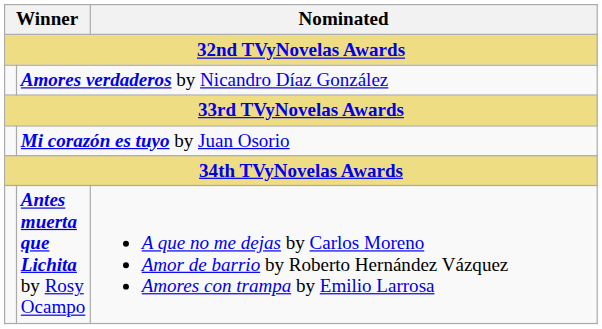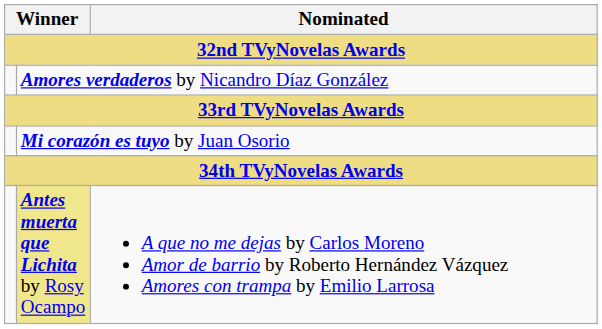 <table class="wikitable" width=80%>
 <tr align=center>
 <th width="150px;" colspan=2; align="center">Winner</th>
 <th width="580px;" align="center">Nominated</th>
 </tr>
 <tr>
 <th colspan=9 style="background:#EEDD82;"  align="center"><strong><a href='#'>32nd TVyNovelas Awards</a></strong></th>
 </tr>
 <tr>
 <td width=2%></td>
 <td colspan=2><strong><em><a href='#'>Amores verdaderos</a></em></strong> by <a href='#'>Nicandro Díaz González</a></td>
 </tr>
 <tr>
 <th colspan=9 style="background:#EEDD82;"  align="center"><strong><a href='#'>33rd TVyNovelas Awards</a></strong></th>
 </tr>
 <tr>
 <td width=2%></td>
 <td colspan=2><strong><em><a href='#'>Mi corazón es tuyo</a></em></strong> by <a href='#'>Juan Osorio</a></td>
 </tr>
 <tr>
 <th colspan=9 style="background:#EEDD82;"  align="center"><strong><a href='#'>34th TVyNovelas Awards</a></strong></th>
 </tr>
 <tr>
 <td width=2%></td>
-<td><strong><em><a href='#'>Antes muerta que Lichita</a></em></strong> by <a href='#'>Rosy Ocampo</a></td>
+<td style="background: khaki;"><strong><em><a href='#'>Antes muerta que Lichita</a></em></strong> by <a href='#'>Rosy Ocampo</a></td>
 <td><br><ul><li><em><a href='#'>A que no me dejas</a></em> by <a href='#'>Carlos Moreno</a></li><li><em><a href='#'>Amor de barrio</a></em> by Roberto Hernández Vázquez</li><li><em><a href='#'>Amores con trampa</a></em> by <a href='#'>Emilio Larrosa</a></li></ul></td>
 </tr>
 </table>
